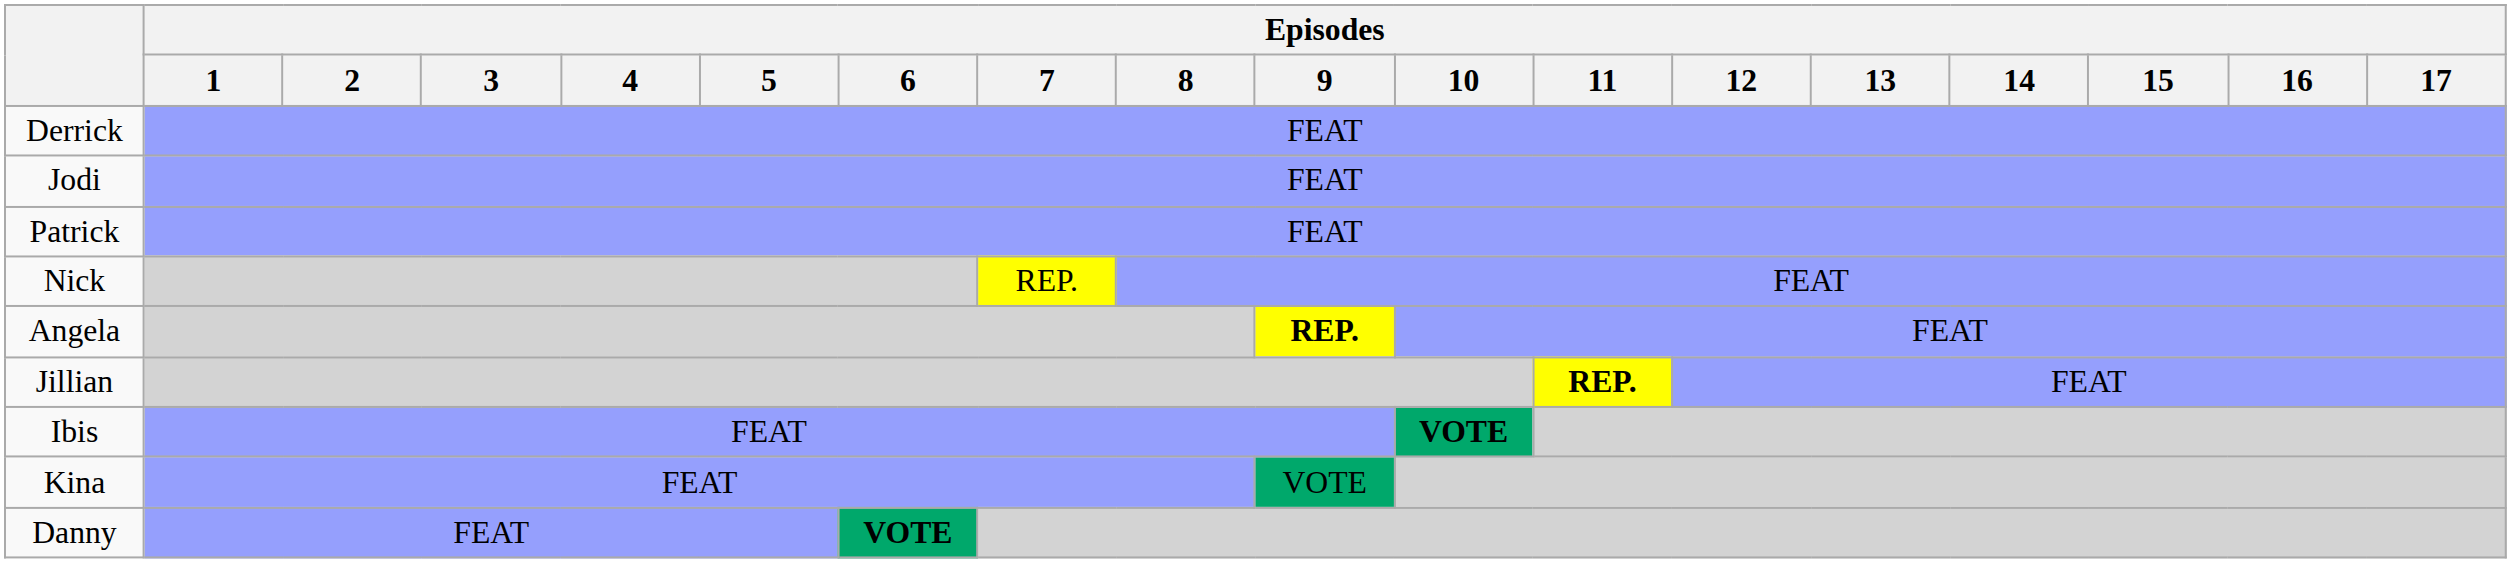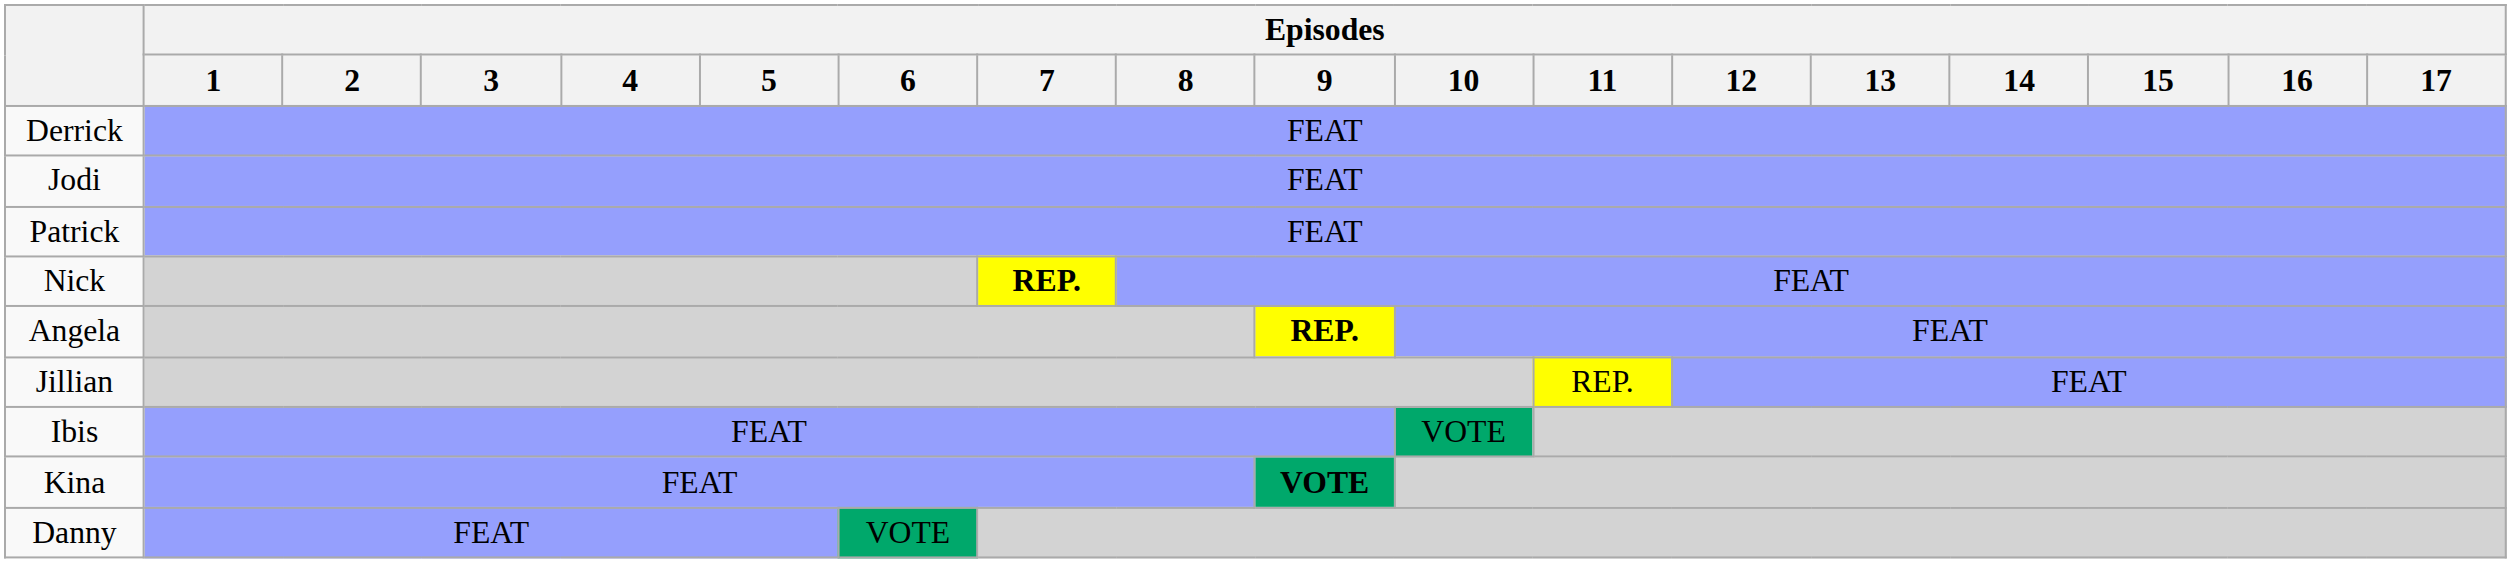 <table class="wikitable plainrowheaders" style="text-align:center; width:100%">
 <tr>
 <th scope="col" rowspan="2" style="width:5%;"></th>
 <th scope="col" colspan="17">Episodes</th>
 </tr>
 <tr>
 <th scope="col" style="width:5%;">1</th>
 <th scope="col" style="width:5%;">2</th>
 <th scope="col" style="width:5%;">3</th>
 <th scope="col" style="width:5%;">4</th>
 <th scope="col" style="width:5%;">5</th>
 <th scope="col" style="width:5%;">6</th>
 <th scope="col" style="width:5%;">7</th>
 <th scope="col" style="width:5%;">8</th>
 <th scope="col" style="width:5%;">9</th>
 <th scope="col" style="width:5%;">10</th>
 <th scope="col" style="width:5%;">11</th>
 <th scope="col" style="width:5%;">12</th>
 <th scope="col" style="width:5%;">13</th>
 <th scope="col" style="width:5%;">14</th>
 <th scope="col" style="width:5%;">15</th>
 <th scope="col" style="width:5%;">16</th>
 <th scope="col" style="width:5%;">17</th>
 </tr>
 <tr>
 <td scope="row">Derrick</td>
 <td style="background:#959FFD;" colspan="17">FEAT</td>
 </tr>
 <tr>
 <td scope="row">Jodi</td>
 <td style="background:#959FFD;" colspan="17">FEAT</td>
 </tr>
 <tr>
 <td scope="row">Patrick</td>
 <td style="background:#959FFD;" colspan="17">FEAT</td>
 </tr>
 <tr>
 <td scope="row">Nick</td>
 <td style="background:lightgrey;" colspan="6"></td>
-<td style="background:#FFFF00;">REP.</td>
+<td style="background:#FFFF00;"><strong>REP.</strong></td>
 <td style="background:#959FFD;" colspan="10">FEAT</td>
 </tr>
 <tr>
 <td scope="row">Angela</td>
 <td style="background:lightgrey;" colspan="8"></td>
 <td style="background:#FFFF00;"><strong>REP.</strong></td>
 <td style="background:#959FFD;" colspan="8">FEAT</td>
 </tr>
 <tr>
 <td scope="row">Jillian</td>
 <td style="background:lightgrey;" colspan="10"></td>
-<td style="background:#FFFF00;"><strong>REP.</strong></td>
+<td style="background:#FFFF00;">REP.</td>
 <td style="background:#959FFD;" colspan="7">FEAT</td>
 </tr>
 <tr>
 <td scope="row">Ibis</td>
 <td style="background:#959FFD;" colspan="9">FEAT</td>
-<td style="background:#00A86B;"><strong>VOTE</strong></td>
+<td style="background:#00A86B;">VOTE</td>
 <td style="background:lightgrey;" colspan="7"></td>
 </tr>
 <tr>
 <td scope="row">Kina</td>
 <td style="background:#959FFD;" colspan="8">FEAT</td>
-<td style="background:#00A86B;">VOTE</td>
+<td style="background:#00A86B;"><strong>VOTE</strong></td>
 <td style="background:lightgrey;" colspan="8"></td>
 </tr>
 <tr>
 <td scope="row">Danny</td>
 <td style="background:#959FFD;" colspan="5">FEAT</td>
-<td style="background:#00A86B;"><strong>VOTE</strong></td>
+<td style="background:#00A86B;">VOTE</td>
 <td style="background:lightgrey;" colspan="11"></td>
 </tr>
 </table>
